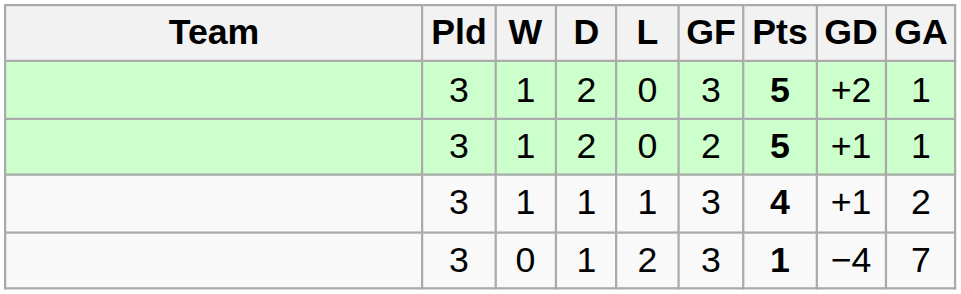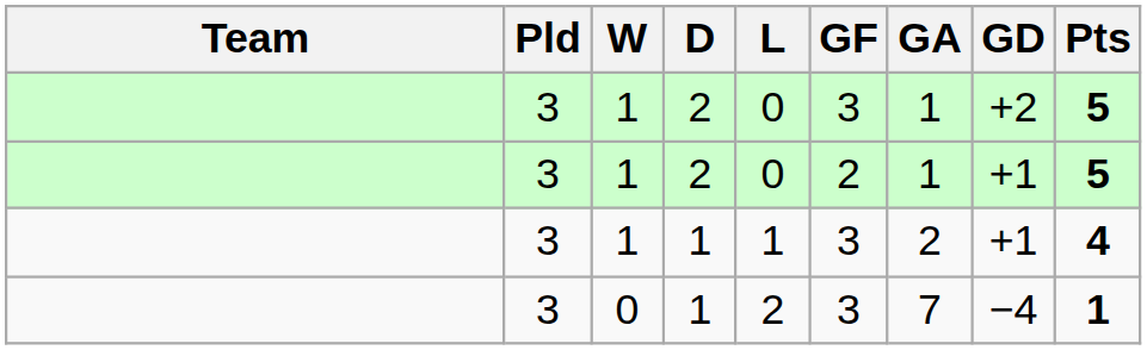 <table class="wikitable" style="text-align:center;">
 <tr>
 <th width=180>Team</th>
 <th width=20>Pld</th>
 <th width=20>W</th>
 <th width=20>D</th>
 <th width=20>L</th>
 <th width=20>GF</th>
+<th width=20>GA</th>
+<th width=20>GD</th>
 <th width=20>Pts</th>
-<th width=20>GD</th>
-<th width=20>GA</th>
 </tr>
 <tr bgcolor="#ccffcc">
 <td align="left"></td>
 <td>3</td>
 <td>1</td>
 <td>2</td>
 <td>0</td>
 <td>3</td>
+<td>1</td>
+<td>+2</td>
 <td><strong>5</strong></td>
-<td>+2</td>
-<td>1</td>
 </tr>
 <tr bgcolor="#ccffcc">
 <td align="left"></td>
 <td>3</td>
 <td>1</td>
 <td>2</td>
 <td>0</td>
 <td>2</td>
+<td>1</td>
+<td>+1</td>
 <td><strong>5</strong></td>
-<td>+1</td>
-<td>1</td>
 </tr>
 <tr>
 <td align="left"></td>
 <td>3</td>
 <td>1</td>
 <td>1</td>
 <td>1</td>
 <td>3</td>
+<td>2</td>
+<td>+1</td>
 <td><strong>4</strong></td>
-<td>+1</td>
-<td>2</td>
 </tr>
 <tr>
 <td align="left"></td>
 <td>3</td>
 <td>0</td>
 <td>1</td>
 <td>2</td>
 <td>3</td>
+<td>7</td>
+<td>−4</td>
 <td><strong>1</strong></td>
-<td>−4</td>
-<td>7</td>
 </tr>
 </table>
